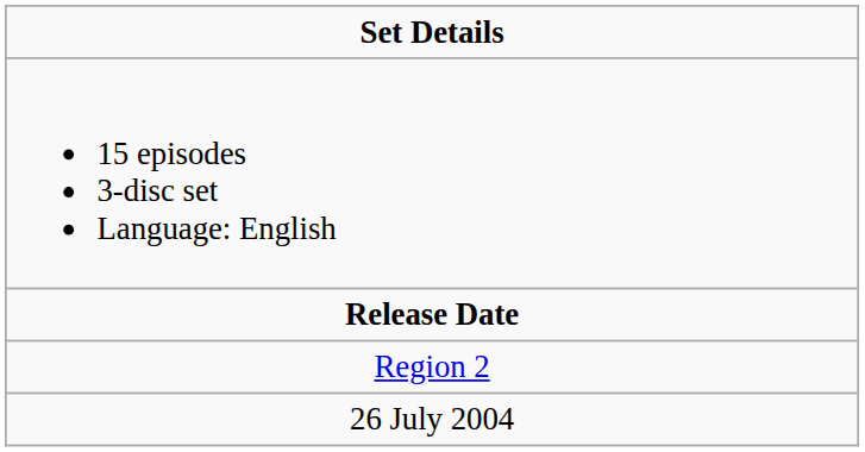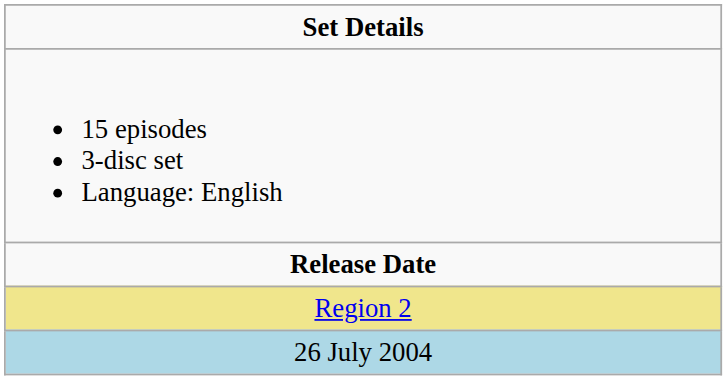 <table class="wikitable" style="font-size: 95%;">
 <tr valign="top">
 <td align="center" width="400" colspan="3"><strong>Set Details</strong></td>
 </tr>
 <tr valign="top">
 <td colspan="3" align="left" width="400"><br><ul><li>15 episodes</li><li>3-disc set</li><li>Language: English</li></ul></td>
 </tr>
 <tr>
 <td colspan="3" align="center"><strong>Release Date</strong></td>
 </tr>
 <tr>
-<td align="center"><a href='#'>Region 2</a></td>
+<td align="center" style="background: khaki;"><a href='#'>Region 2</a></td>
 </tr>
 <tr>
-<td align="center">26 July 2004</td>
+<td align="center" style="background: lightblue;">26 July 2004</td>
 </tr>
 </table>
